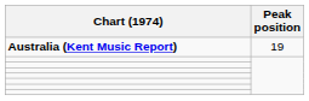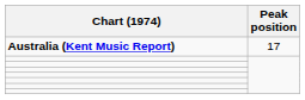 <table class="wikitable sortable">
 <tr>
 <th style="width:20em;">Chart (1974)</th>
 <th>Peak<br>position</th>
 </tr>
 <tr>
 <td><strong>Australia (<a href='#'>Kent Music Report</a>)</strong></td>
-<td style="text-align:center;">19</td>
+<td style="text-align:center;">17</td>
 </tr>
 <tr>
 <td></td>
 </tr>
 <tr>
 <td></td>
 </tr>
 <tr>
 <td></td>
 </tr>
 <tr>
 <td></td>
 </tr>
 <tr>
 <td></td>
 </tr>
 <tr>
 <td></td>
 </tr>
 <tr>
 <td></td>
 </tr>
 </table>
